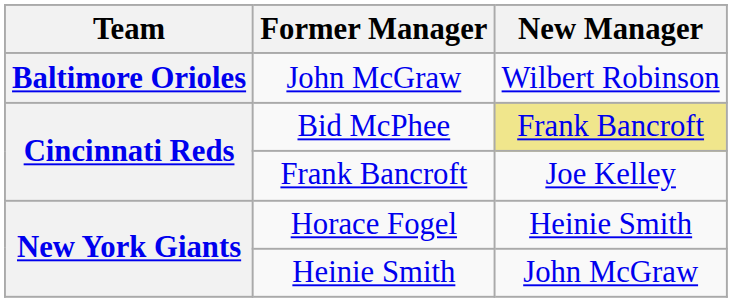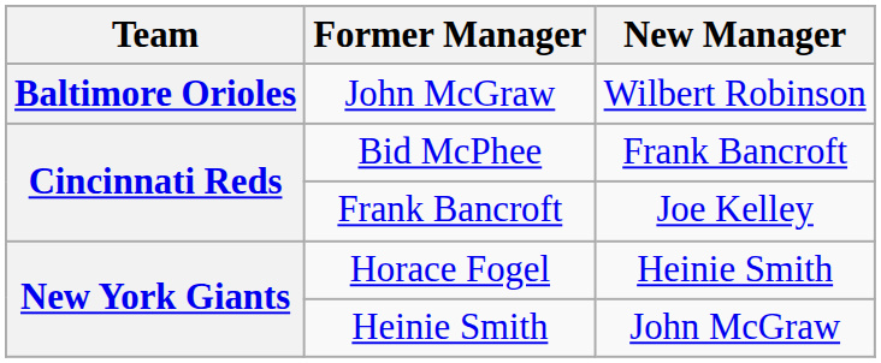 <table class="wikitable plainrowheaders" style="text-align:center;">
 <tr>
 <th>Team</th>
 <th>Former Manager</th>
 <th>New Manager</th>
 </tr>
 <tr>
 <th scope="row" style="text-align:center;"><a href='#'>Baltimore Orioles</a></th>
 <td><a href='#'>John McGraw</a></td>
 <td><a href='#'>Wilbert Robinson</a></td>
 </tr>
 <tr>
 <th rowspan="2" scope="row" style="text-align:center;"><a href='#'>Cincinnati Reds</a></th>
 <td><a href='#'>Bid McPhee</a></td>
-<td style="background: khaki;"><a href='#'>Frank Bancroft</a></td>
+<td><a href='#'>Frank Bancroft</a></td>
 </tr>
 <tr>
 <td><a href='#'>Frank Bancroft</a></td>
 <td><a href='#'>Joe Kelley</a></td>
 </tr>
 <tr>
 <th rowspan="2" scope="row" style="text-align:center;"><a href='#'>New York Giants</a></th>
 <td><a href='#'>Horace Fogel</a></td>
 <td><a href='#'>Heinie Smith</a></td>
 </tr>
 <tr>
 <td><a href='#'>Heinie Smith</a></td>
 <td><a href='#'>John McGraw</a></td>
 </tr>
 </table>
